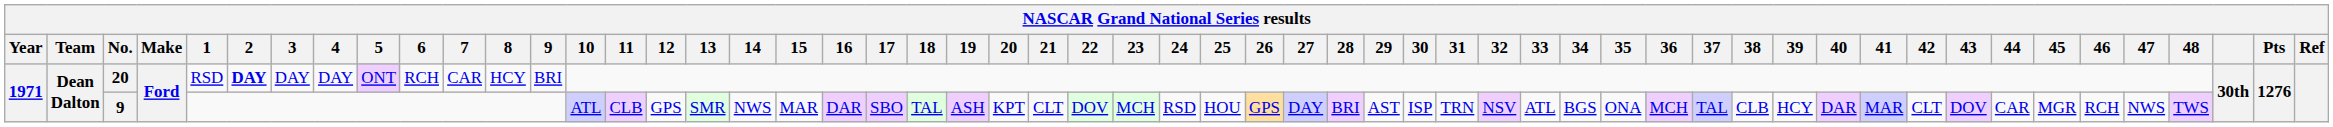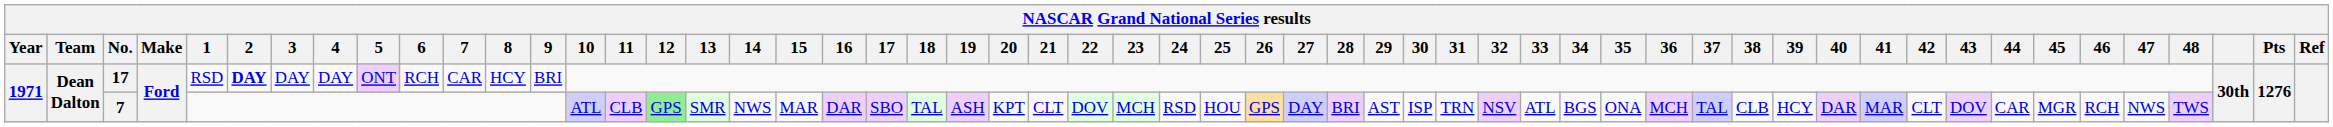 <table class="wikitable" style="text-align:center; font-size:75%">
 <tr>
 <th colspan=69><a href='#'>NASCAR</a> <a href='#'>Grand National Series</a> results</th>
 </tr>
 <tr>
 <th>Year</th>
 <th>Team</th>
 <th>No.</th>
 <th>Make</th>
 <th>1</th>
 <th>2</th>
 <th>3</th>
 <th>4</th>
 <th>5</th>
 <th>6</th>
 <th>7</th>
 <th>8</th>
 <th>9</th>
 <th>10</th>
 <th>11</th>
 <th>12</th>
 <th>13</th>
 <th>14</th>
 <th>15</th>
 <th>16</th>
 <th>17</th>
 <th>18</th>
 <th>19</th>
 <th>20</th>
 <th>21</th>
 <th>22</th>
 <th>23</th>
 <th>24</th>
 <th>25</th>
 <th>26</th>
 <th>27</th>
 <th>28</th>
 <th>29</th>
 <th>30</th>
 <th>31</th>
 <th>32</th>
 <th>33</th>
 <th>34</th>
 <th>35</th>
 <th>36</th>
 <th>37</th>
 <th>38</th>
 <th>39</th>
 <th>40</th>
 <th>41</th>
 <th>42</th>
 <th>43</th>
 <th>44</th>
 <th>45</th>
 <th>46</th>
 <th>47</th>
 <th>48</th>
 <th></th>
 <th>Pts</th>
 <th>Ref</th>
 </tr>
 <tr>
 <th rowspan=2><a href='#'>1971</a></th>
 <th rowspan=2>Dean Dalton</th>
-<th>20</th>
+<th>17</th>
 <th rowspan=2><a href='#'>Ford</a></th>
 <td><a href='#'>RSD</a></td>
 <td><strong><a href='#'>DAY</a></strong></td>
 <td><a href='#'>DAY</a></td>
 <td><a href='#'>DAY</a></td>
 <td style="background:#EFCFFF;"><a href='#'>ONT</a><br></td>
 <td><a href='#'>RCH</a></td>
 <td><a href='#'>CAR</a></td>
 <td><a href='#'>HCY</a></td>
 <td><a href='#'>BRI</a></td>
 <td colspan=39></td>
 <th rowspan=2>30th</th>
 <th rowspan=2>1276</th>
 <th rowspan=2></th>
 </tr>
 <tr>
-<th>9</th>
+<th>7</th>
 <td colspan=9></td>
 <td style="background:#CFCFFF;"><a href='#'>ATL</a><br></td>
 <td style="background:#EFCFFF;"><a href='#'>CLB</a><br></td>
-<td><a href='#'>GPS</a></td>
+<td style="background: lightgreen;"><a href='#'>GPS</a></td>
 <td style="background:#DFFFDF;"><a href='#'>SMR</a><br></td>
 <td><a href='#'>NWS</a></td>
 <td><a href='#'>MAR</a></td>
 <td style="background:#EFCFFF;"><a href='#'>DAR</a><br></td>
 <td style="background:#EFCFFF;"><a href='#'>SBO</a><br></td>
 <td style="background:#DFFFDF;"><a href='#'>TAL</a><br></td>
 <td style="background:#EFCFFF;"><a href='#'>ASH</a><br></td>
 <td><a href='#'>KPT</a></td>
 <td><a href='#'>CLT</a></td>
 <td style="background:#DFFFDF;"><a href='#'>DOV</a><br></td>
 <td style="background:#DFFFDF;"><a href='#'>MCH</a><br></td>
 <td><a href='#'>RSD</a></td>
 <td><a href='#'>HOU</a></td>
 <td style="background:#FFDF9F;"><a href='#'>GPS</a><br></td>
 <td style="background:#CFCFFF;"><a href='#'>DAY</a><br></td>
 <td style="background:#EFCFFF;"><a href='#'>BRI</a><br></td>
 <td><a href='#'>AST</a></td>
 <td><a href='#'>ISP</a></td>
 <td><a href='#'>TRN</a></td>
 <td style="background:#EFCFFF;"><a href='#'>NSV</a><br></td>
 <td><a href='#'>ATL</a></td>
 <td><a href='#'>BGS</a></td>
 <td><a href='#'>ONA</a></td>
 <td style="background:#EFCFFF;"><a href='#'>MCH</a><br></td>
 <td style="background:#CFCFFF;"><a href='#'>TAL</a><br></td>
 <td><a href='#'>CLB</a></td>
 <td><a href='#'>HCY</a></td>
 <td style="background:#EFCFFF;"><a href='#'>DAR</a><br></td>
 <td style="background:#CFCFFF;"><a href='#'>MAR</a><br></td>
 <td><a href='#'>CLT</a></td>
 <td style="background:#EFCFFF;"><a href='#'>DOV</a><br></td>
 <td><a href='#'>CAR</a></td>
 <td><a href='#'>MGR</a></td>
 <td><a href='#'>RCH</a></td>
 <td><a href='#'>NWS</a></td>
 <td style="background:#EFCFFF;"><a href='#'>TWS</a><br></td>
 </tr>
 </table>
